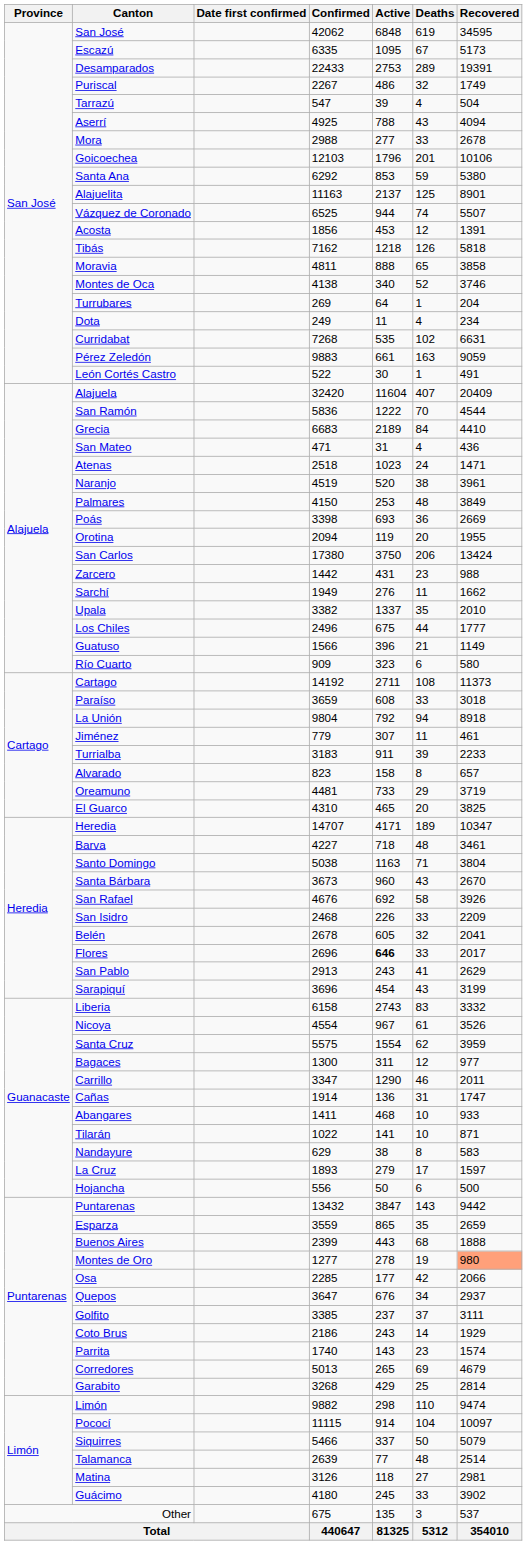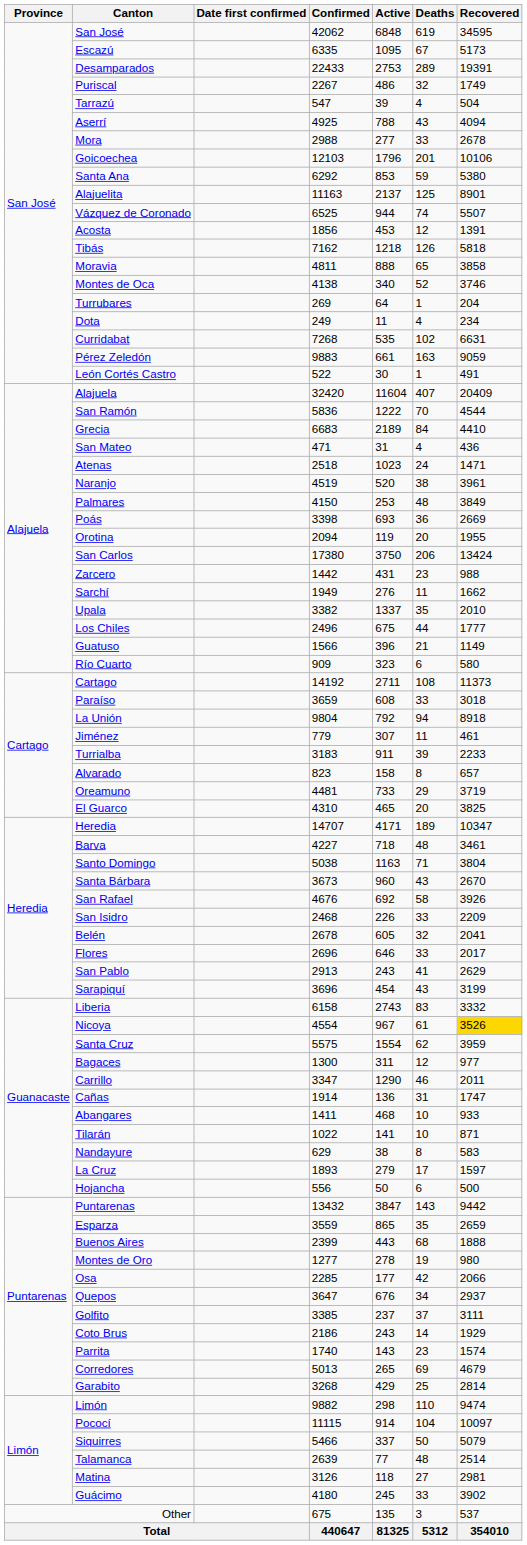 <table class="wikitable sortable" style="text-align:left; font-size:92%">
 <tr>
 <th>Province</th>
 <th>Canton</th>
 <th>Date first confirmed</th>
 <th>Confirmed</th>
 <th>Active</th>
 <th>Deaths</th>
 <th>Recovered</th>
 </tr>
 <tr>
 <td rowspan=20><a href='#'>San José</a></td>
 <td><a href='#'>San José</a></td>
 <td></td>
 <td>42062</td>
 <td>6848</td>
 <td>619</td>
 <td>34595</td>
 </tr>
 <tr>
 <td><a href='#'>Escazú</a></td>
 <td></td>
 <td>6335</td>
 <td>1095</td>
 <td>67</td>
 <td>5173</td>
 </tr>
 <tr>
 <td><a href='#'>Desamparados</a></td>
 <td></td>
 <td>22433</td>
 <td>2753</td>
 <td>289</td>
 <td>19391</td>
 </tr>
 <tr>
 <td><a href='#'>Puriscal</a></td>
 <td></td>
 <td>2267</td>
 <td>486</td>
 <td>32</td>
 <td>1749</td>
 </tr>
 <tr>
 <td><a href='#'>Tarrazú</a></td>
 <td></td>
 <td>547</td>
 <td>39</td>
 <td>4</td>
 <td>504</td>
 </tr>
 <tr>
 <td><a href='#'>Aserrí</a></td>
 <td></td>
 <td>4925</td>
 <td>788</td>
 <td>43</td>
 <td>4094</td>
 </tr>
 <tr>
 <td><a href='#'>Mora</a></td>
 <td></td>
 <td>2988</td>
 <td>277</td>
 <td>33</td>
 <td>2678</td>
 </tr>
 <tr>
 <td><a href='#'>Goicoechea</a></td>
 <td></td>
 <td>12103</td>
 <td>1796</td>
 <td>201</td>
 <td>10106</td>
 </tr>
 <tr>
 <td><a href='#'>Santa Ana</a></td>
 <td></td>
 <td>6292</td>
 <td>853</td>
 <td>59</td>
 <td>5380</td>
 </tr>
 <tr>
 <td><a href='#'>Alajuelita</a></td>
 <td></td>
 <td>11163</td>
 <td>2137</td>
 <td>125</td>
 <td>8901</td>
 </tr>
 <tr>
 <td><a href='#'>Vázquez de Coronado</a></td>
 <td></td>
 <td>6525</td>
 <td>944</td>
 <td>74</td>
 <td>5507</td>
 </tr>
 <tr>
 <td><a href='#'>Acosta</a></td>
 <td></td>
 <td>1856</td>
 <td>453</td>
 <td>12</td>
 <td>1391</td>
 </tr>
 <tr>
 <td><a href='#'>Tibás</a></td>
 <td></td>
 <td>7162</td>
 <td>1218</td>
 <td>126</td>
 <td>5818</td>
 </tr>
 <tr>
 <td><a href='#'>Moravia</a></td>
 <td></td>
 <td>4811</td>
 <td>888</td>
 <td>65</td>
 <td>3858</td>
 </tr>
 <tr>
 <td><a href='#'>Montes de Oca</a></td>
 <td></td>
 <td>4138</td>
 <td>340</td>
 <td>52</td>
 <td>3746</td>
 </tr>
 <tr>
 <td><a href='#'>Turrubares</a></td>
 <td></td>
 <td>269</td>
 <td>64</td>
 <td>1</td>
 <td>204</td>
 </tr>
 <tr>
 <td><a href='#'>Dota</a></td>
 <td></td>
 <td>249</td>
 <td>11</td>
 <td>4</td>
 <td>234</td>
 </tr>
 <tr>
 <td><a href='#'>Curridabat</a></td>
 <td></td>
 <td>7268</td>
 <td>535</td>
 <td>102</td>
 <td>6631</td>
 </tr>
 <tr>
 <td><a href='#'>Pérez Zeledón</a></td>
 <td></td>
 <td>9883</td>
 <td>661</td>
 <td>163</td>
 <td>9059</td>
 </tr>
 <tr>
 <td><a href='#'>León Cortés Castro</a></td>
 <td></td>
 <td>522</td>
 <td>30</td>
 <td>1</td>
 <td>491</td>
 </tr>
 <tr>
 <td rowspan=16><a href='#'>Alajuela</a></td>
 <td><a href='#'>Alajuela</a></td>
 <td></td>
 <td>32420</td>
 <td>11604</td>
 <td>407</td>
 <td>20409</td>
 </tr>
 <tr>
 <td><a href='#'>San Ramón</a></td>
 <td></td>
 <td>5836</td>
 <td>1222</td>
 <td>70</td>
 <td>4544</td>
 </tr>
 <tr>
 <td><a href='#'>Grecia</a></td>
 <td></td>
 <td>6683</td>
 <td>2189</td>
 <td>84</td>
 <td>4410</td>
 </tr>
 <tr>
 <td><a href='#'>San Mateo</a></td>
 <td></td>
 <td>471</td>
 <td>31</td>
 <td>4</td>
 <td>436</td>
 </tr>
 <tr>
 <td><a href='#'>Atenas</a></td>
 <td></td>
 <td>2518</td>
 <td>1023</td>
 <td>24</td>
 <td>1471</td>
 </tr>
 <tr>
 <td><a href='#'>Naranjo</a></td>
 <td></td>
 <td>4519</td>
 <td>520</td>
 <td>38</td>
 <td>3961</td>
 </tr>
 <tr>
 <td><a href='#'>Palmares</a></td>
 <td></td>
 <td>4150</td>
 <td>253</td>
 <td>48</td>
 <td>3849</td>
 </tr>
 <tr>
 <td><a href='#'>Poás</a></td>
 <td></td>
 <td>3398</td>
 <td>693</td>
 <td>36</td>
 <td>2669</td>
 </tr>
 <tr>
 <td><a href='#'>Orotina</a></td>
 <td></td>
 <td>2094</td>
 <td>119</td>
 <td>20</td>
 <td>1955</td>
 </tr>
 <tr>
 <td><a href='#'>San Carlos</a></td>
 <td></td>
 <td>17380</td>
 <td>3750</td>
 <td>206</td>
 <td>13424</td>
 </tr>
 <tr>
 <td><a href='#'>Zarcero</a></td>
 <td></td>
 <td>1442</td>
 <td>431</td>
 <td>23</td>
 <td>988</td>
 </tr>
 <tr>
 <td><a href='#'>Sarchí</a></td>
 <td></td>
 <td>1949</td>
 <td>276</td>
 <td>11</td>
 <td>1662</td>
 </tr>
 <tr>
 <td><a href='#'>Upala</a></td>
 <td></td>
 <td>3382</td>
 <td>1337</td>
 <td>35</td>
 <td>2010</td>
 </tr>
 <tr>
 <td><a href='#'>Los Chiles</a></td>
 <td></td>
 <td>2496</td>
 <td>675</td>
 <td>44</td>
 <td>1777</td>
 </tr>
 <tr>
 <td><a href='#'>Guatuso</a></td>
 <td></td>
 <td>1566</td>
 <td>396</td>
 <td>21</td>
 <td>1149</td>
 </tr>
 <tr>
 <td><a href='#'>Río Cuarto</a></td>
 <td></td>
 <td>909</td>
 <td>323</td>
 <td>6</td>
 <td>580</td>
 </tr>
 <tr>
 <td rowspan=8><a href='#'>Cartago</a></td>
 <td><a href='#'>Cartago</a></td>
 <td></td>
 <td>14192</td>
 <td>2711</td>
 <td>108</td>
 <td>11373</td>
 </tr>
 <tr>
 <td><a href='#'>Paraíso</a></td>
 <td></td>
 <td>3659</td>
 <td>608</td>
 <td>33</td>
 <td>3018</td>
 </tr>
 <tr>
 <td><a href='#'>La Unión</a></td>
 <td></td>
 <td>9804</td>
 <td>792</td>
 <td>94</td>
 <td>8918</td>
 </tr>
 <tr>
 <td><a href='#'>Jiménez</a></td>
 <td></td>
 <td>779</td>
 <td>307</td>
 <td>11</td>
 <td>461</td>
 </tr>
 <tr>
 <td><a href='#'>Turrialba</a></td>
 <td></td>
 <td>3183</td>
 <td>911</td>
 <td>39</td>
 <td>2233</td>
 </tr>
 <tr>
 <td><a href='#'>Alvarado</a></td>
 <td></td>
 <td>823</td>
 <td>158</td>
 <td>8</td>
 <td>657</td>
 </tr>
 <tr>
 <td><a href='#'>Oreamuno</a></td>
 <td></td>
 <td>4481</td>
 <td>733</td>
 <td>29</td>
 <td>3719</td>
 </tr>
 <tr>
 <td><a href='#'>El Guarco</a></td>
 <td></td>
 <td>4310</td>
 <td>465</td>
 <td>20</td>
 <td>3825</td>
 </tr>
 <tr>
 <td rowspan=10><a href='#'>Heredia</a></td>
 <td><a href='#'>Heredia</a></td>
 <td></td>
 <td>14707</td>
 <td>4171</td>
 <td>189</td>
 <td>10347</td>
 </tr>
 <tr>
 <td><a href='#'>Barva</a></td>
 <td></td>
 <td>4227</td>
 <td>718</td>
 <td>48</td>
 <td>3461</td>
 </tr>
 <tr>
 <td><a href='#'>Santo Domingo</a></td>
 <td></td>
 <td>5038</td>
 <td>1163</td>
 <td>71</td>
 <td>3804</td>
 </tr>
 <tr>
 <td><a href='#'>Santa Bárbara</a></td>
 <td></td>
 <td>3673</td>
 <td>960</td>
 <td>43</td>
 <td>2670</td>
 </tr>
 <tr>
 <td><a href='#'>San Rafael</a></td>
 <td></td>
 <td>4676</td>
 <td>692</td>
 <td>58</td>
 <td>3926</td>
 </tr>
 <tr>
 <td><a href='#'>San Isidro</a></td>
 <td></td>
 <td>2468</td>
 <td>226</td>
 <td>33</td>
 <td>2209</td>
 </tr>
 <tr>
 <td><a href='#'>Belén</a></td>
 <td></td>
 <td>2678</td>
 <td>605</td>
 <td>32</td>
 <td>2041</td>
 </tr>
 <tr>
 <td><a href='#'>Flores</a></td>
 <td></td>
 <td>2696</td>
-<td><strong>646</strong></td>
+<td>646</td>
 <td>33</td>
 <td>2017</td>
 </tr>
 <tr>
 <td><a href='#'>San Pablo</a></td>
 <td></td>
 <td>2913</td>
 <td>243</td>
 <td>41</td>
 <td>2629</td>
 </tr>
 <tr>
 <td><a href='#'>Sarapiquí</a></td>
 <td></td>
 <td>3696</td>
 <td>454</td>
 <td>43</td>
 <td>3199</td>
 </tr>
 <tr>
 <td rowspan=11><a href='#'>Guanacaste</a></td>
 <td><a href='#'>Liberia</a></td>
 <td></td>
 <td>6158</td>
 <td>2743</td>
 <td>83</td>
 <td>3332</td>
 </tr>
 <tr>
 <td><a href='#'>Nicoya</a></td>
 <td></td>
 <td>4554</td>
 <td>967</td>
 <td>61</td>
-<td>3526</td>
+<td style="background: gold;">3526</td>
 </tr>
 <tr>
 <td><a href='#'>Santa Cruz</a></td>
 <td></td>
 <td>5575</td>
 <td>1554</td>
 <td>62</td>
 <td>3959</td>
 </tr>
 <tr>
 <td><a href='#'>Bagaces</a></td>
 <td></td>
 <td>1300</td>
 <td>311</td>
 <td>12</td>
 <td>977</td>
 </tr>
 <tr>
 <td><a href='#'>Carrillo</a></td>
 <td></td>
 <td>3347</td>
 <td>1290</td>
 <td>46</td>
 <td>2011</td>
 </tr>
 <tr>
 <td><a href='#'>Cañas</a></td>
 <td></td>
 <td>1914</td>
 <td>136</td>
 <td>31</td>
 <td>1747</td>
 </tr>
 <tr>
 <td><a href='#'>Abangares</a></td>
 <td></td>
 <td>1411</td>
 <td>468</td>
 <td>10</td>
 <td>933</td>
 </tr>
 <tr>
 <td><a href='#'>Tilarán</a></td>
 <td></td>
 <td>1022</td>
 <td>141</td>
 <td>10</td>
 <td>871</td>
 </tr>
 <tr>
 <td><a href='#'>Nandayure</a></td>
 <td></td>
 <td>629</td>
 <td>38</td>
 <td>8</td>
 <td>583</td>
 </tr>
 <tr>
 <td><a href='#'>La Cruz</a></td>
 <td></td>
 <td>1893</td>
 <td>279</td>
 <td>17</td>
 <td>1597</td>
 </tr>
 <tr>
 <td><a href='#'>Hojancha</a></td>
 <td></td>
 <td>556</td>
 <td>50</td>
 <td>6</td>
 <td>500</td>
 </tr>
 <tr>
 <td rowspan=11><a href='#'>Puntarenas</a></td>
 <td><a href='#'>Puntarenas</a></td>
 <td></td>
 <td>13432</td>
 <td>3847</td>
 <td>143</td>
 <td>9442</td>
 </tr>
 <tr>
 <td><a href='#'>Esparza</a></td>
 <td></td>
 <td>3559</td>
 <td>865</td>
 <td>35</td>
 <td>2659</td>
 </tr>
 <tr>
 <td><a href='#'>Buenos Aires</a></td>
 <td></td>
 <td>2399</td>
 <td>443</td>
 <td>68</td>
 <td>1888</td>
 </tr>
 <tr>
 <td><a href='#'>Montes de Oro</a></td>
 <td></td>
 <td>1277</td>
 <td>278</td>
 <td>19</td>
-<td style="background: lightsalmon;">980</td>
+<td>980</td>
 </tr>
 <tr>
 <td><a href='#'>Osa</a></td>
 <td></td>
 <td>2285</td>
 <td>177</td>
 <td>42</td>
 <td>2066</td>
 </tr>
 <tr>
 <td><a href='#'>Quepos</a></td>
 <td></td>
 <td>3647</td>
 <td>676</td>
 <td>34</td>
 <td>2937</td>
 </tr>
 <tr>
 <td><a href='#'>Golfito</a></td>
 <td></td>
 <td>3385</td>
 <td>237</td>
 <td>37</td>
 <td>3111</td>
 </tr>
 <tr>
 <td><a href='#'>Coto Brus</a></td>
 <td></td>
 <td>2186</td>
 <td>243</td>
 <td>14</td>
 <td>1929</td>
 </tr>
 <tr>
 <td><a href='#'>Parrita</a></td>
 <td></td>
 <td>1740</td>
 <td>143</td>
 <td>23</td>
 <td>1574</td>
 </tr>
 <tr>
 <td><a href='#'>Corredores</a></td>
 <td></td>
 <td>5013</td>
 <td>265</td>
 <td>69</td>
 <td>4679</td>
 </tr>
 <tr>
 <td><a href='#'>Garabito</a></td>
 <td></td>
 <td>3268</td>
 <td>429</td>
 <td>25</td>
 <td>2814</td>
 </tr>
 <tr>
 <td rowspan=6><a href='#'>Limón</a></td>
 <td><a href='#'>Limón</a></td>
 <td></td>
 <td>9882</td>
 <td>298</td>
 <td>110</td>
 <td>9474</td>
 </tr>
 <tr>
 <td><a href='#'>Pococí</a></td>
 <td></td>
 <td>11115</td>
 <td>914</td>
 <td>104</td>
 <td>10097</td>
 </tr>
 <tr>
 <td><a href='#'>Siquirres</a></td>
 <td></td>
 <td>5466</td>
 <td>337</td>
 <td>50</td>
 <td>5079</td>
 </tr>
 <tr>
 <td><a href='#'>Talamanca</a></td>
 <td></td>
 <td>2639</td>
 <td>77</td>
 <td>48</td>
 <td>2514</td>
 </tr>
 <tr>
 <td><a href='#'>Matina</a></td>
 <td></td>
 <td>3126</td>
 <td>118</td>
 <td>27</td>
 <td>2981</td>
 </tr>
 <tr>
 <td><a href='#'>Guácimo</a></td>
 <td></td>
 <td>4180</td>
 <td>245</td>
 <td>33</td>
 <td>3902</td>
 </tr>
 <tr>
 <td colspan=2 align=right>Other</td>
 <td></td>
 <td>675</td>
 <td>135</td>
 <td>3</td>
 <td>537</td>
 </tr>
 <tr>
 <th colspan=3>Total</th>
 <th>440647</th>
 <th>81325</th>
 <th>5312</th>
 <th>354010</th>
 </tr>
 </table>
